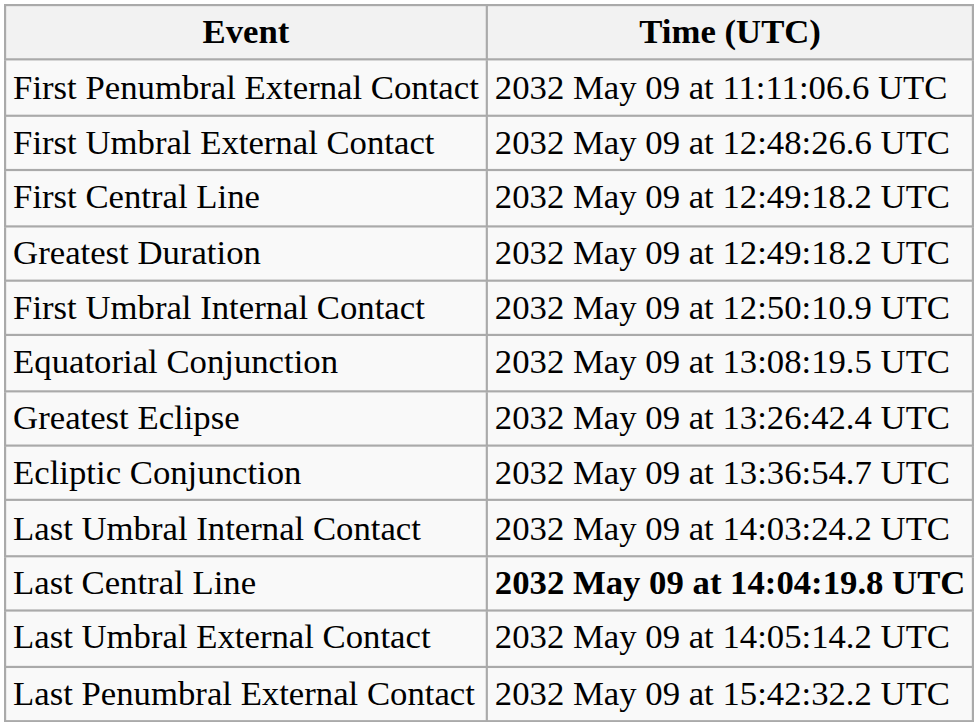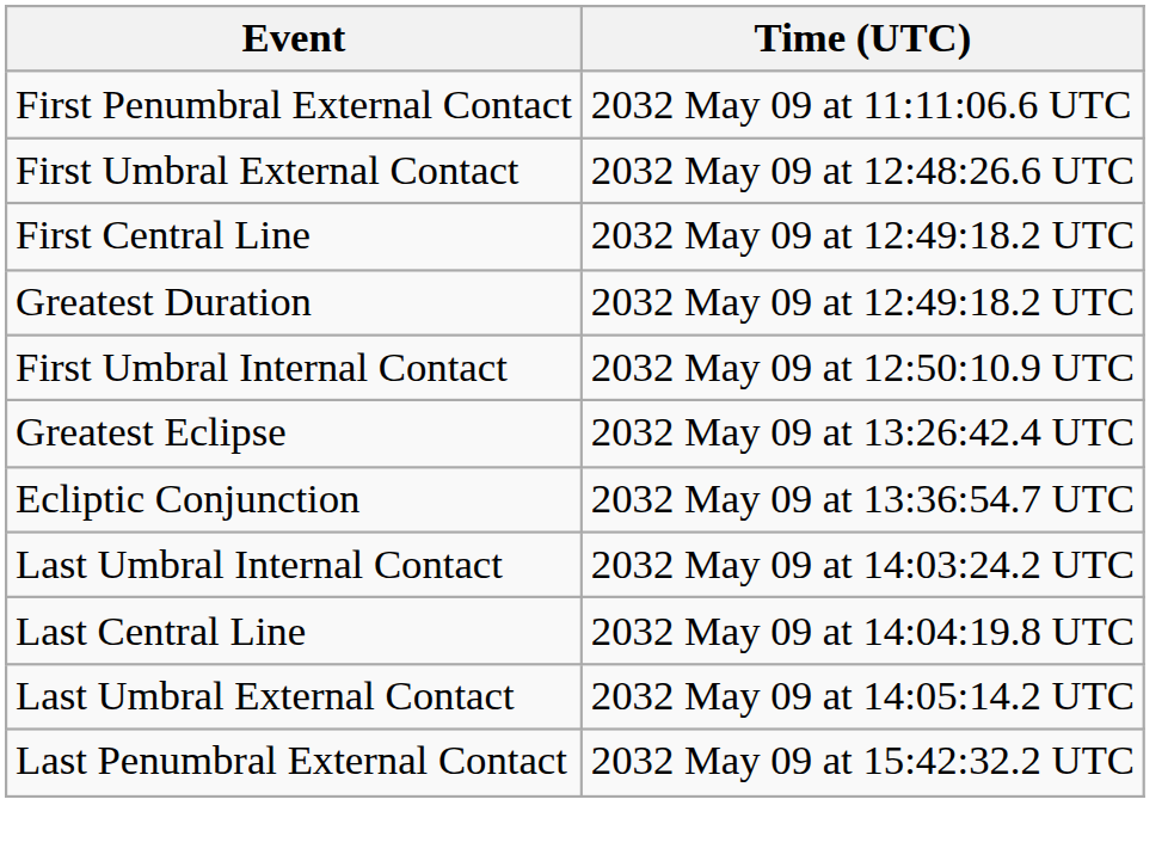 <table class="wikitable">
 <tr>
 <th>Event</th>
 <th>Time (UTC)</th>
 </tr>
 <tr>
 <td>First Penumbral External Contact</td>
 <td>2032 May 09 at 11:11:06.6 UTC</td>
 </tr>
 <tr>
 <td>First Umbral External Contact</td>
 <td>2032 May 09 at 12:48:26.6 UTC</td>
 </tr>
 <tr>
 <td>First Central Line</td>
 <td>2032 May 09 at 12:49:18.2 UTC</td>
 </tr>
 <tr>
 <td>Greatest Duration</td>
 <td>2032 May 09 at 12:49:18.2 UTC</td>
 </tr>
 <tr>
 <td>First Umbral Internal Contact</td>
 <td>2032 May 09 at 12:50:10.9 UTC</td>
 </tr>
 <tr>
-<td>Equatorial Conjunction</td>
-<td>2032 May 09 at 13:08:19.5 UTC</td>
-</tr>
-<tr>
 <td>Greatest Eclipse</td>
 <td>2032 May 09 at 13:26:42.4 UTC</td>
 </tr>
 <tr>
 <td>Ecliptic Conjunction</td>
 <td>2032 May 09 at 13:36:54.7 UTC</td>
 </tr>
 <tr>
 <td>Last Umbral Internal Contact</td>
 <td>2032 May 09 at 14:03:24.2 UTC</td>
 </tr>
 <tr>
 <td>Last Central Line</td>
-<td><strong>2032 May 09 at 14:04:19.8 UTC</strong></td>
+<td>2032 May 09 at 14:04:19.8 UTC</td>
 </tr>
 <tr>
 <td>Last Umbral External Contact</td>
 <td>2032 May 09 at 14:05:14.2 UTC</td>
 </tr>
 <tr>
 <td>Last Penumbral External Contact</td>
 <td>2032 May 09 at 15:42:32.2 UTC</td>
 </tr>
 </table>
